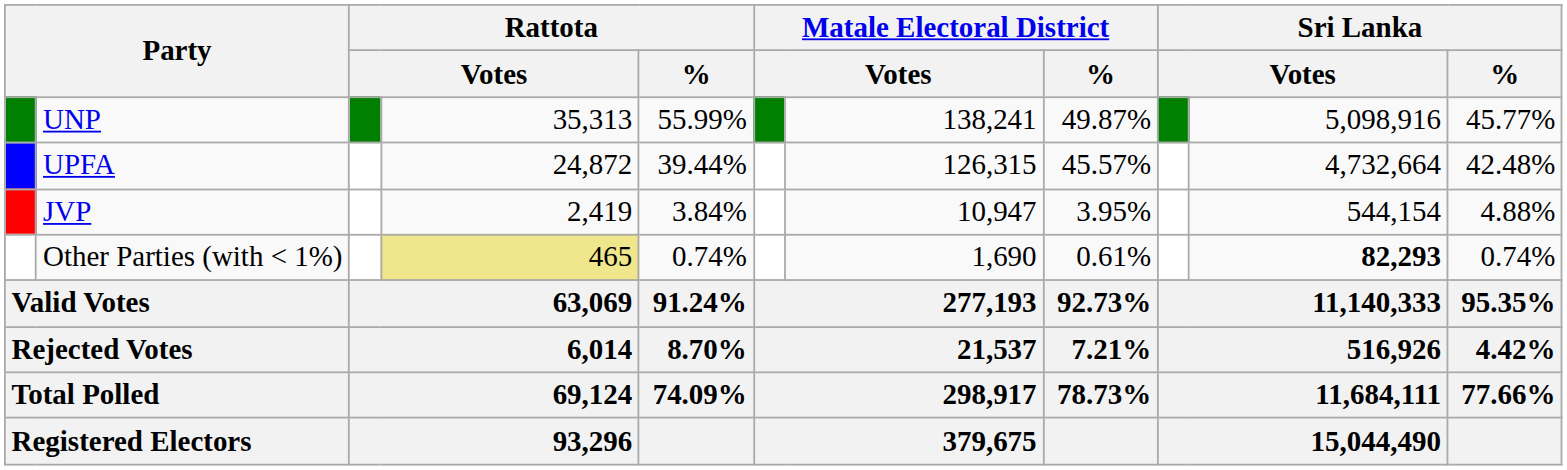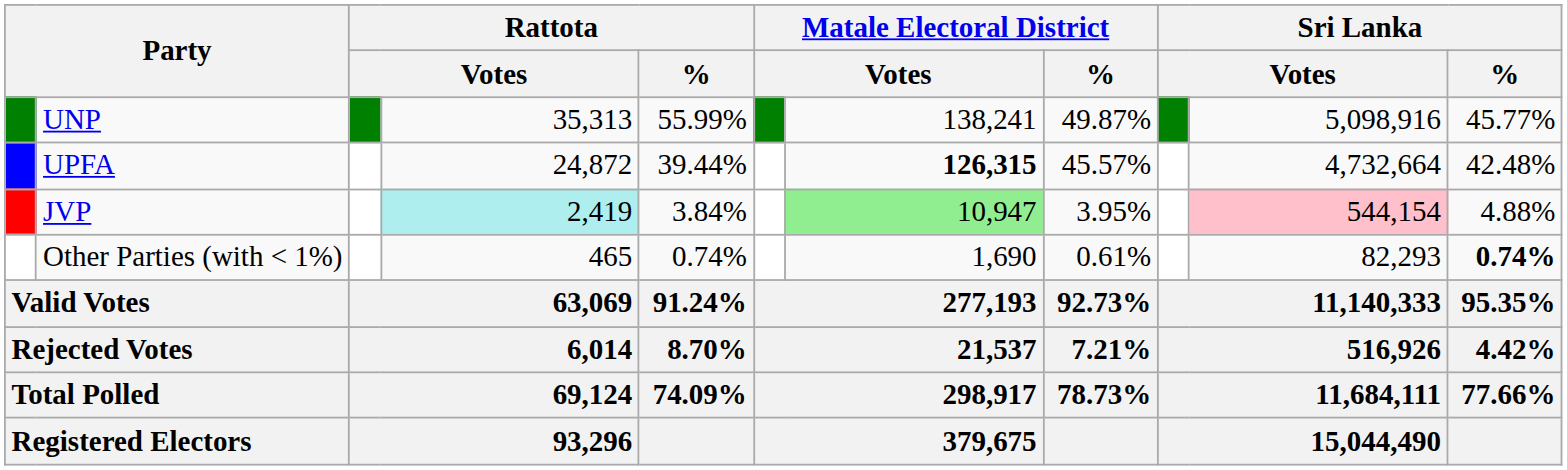 <table class="wikitable">
 <tr>
 <th colspan="2" width="144px"rowspan="2">Party</th>
 <th colspan="3" width="216px">Rattota</th>
 <th colspan="3" width="216px"><a href='#'>Matale Electoral District</a></th>
 <th colspan="3" width="216px">Sri Lanka</th>
 </tr>
 <tr>
 <th colspan="2" width="144px">Votes</th>
 <th>%</th>
 <th colspan="2" width="144px">Votes</th>
 <th>%</th>
 <th colspan="2" width="144px">Votes</th>
 <th>%</th>
 </tr>
 <tr>
 <td style="background-color:green;" width="10px"></td>
 <td style="text-align:left;"><a href='#'>UNP</a></td>
 <td style="background-color:green;" width="10px"></td>
 <td style="text-align:right;">35,313</td>
 <td style="text-align:right;">55.99%</td>
 <td style="background-color:green;" width="10px"></td>
 <td style="text-align:right;">138,241</td>
 <td style="text-align:right;">49.87%</td>
 <td style="background-color:green;" width="10px"></td>
 <td style="text-align:right;">5,098,916</td>
 <td style="text-align:right;">45.77%</td>
 </tr>
 <tr>
 <td style="background-color:blue;" width="10px"></td>
 <td style="text-align:left;"><a href='#'>UPFA</a></td>
 <td style="background-color:white;" width="10px"></td>
 <td style="text-align:right;">24,872</td>
 <td style="text-align:right;">39.44%</td>
 <td style="background-color:white;" width="10px"></td>
-<td style="text-align:right;">126,315</td>
+<td style="text-align:right;"><strong>126,315</strong></td>
 <td style="text-align:right;">45.57%</td>
 <td style="background-color:white;" width="10px"></td>
 <td style="text-align:right;">4,732,664</td>
 <td style="text-align:right;">42.48%</td>
 </tr>
 <tr>
 <td style="background-color:red;" width="10px"></td>
 <td style="text-align:left;"><a href='#'>JVP</a></td>
 <td style="background-color:white;" width="10px"></td>
-<td style="text-align:right;">2,419</td>
+<td style="background: paleturquoise; text-align:right;">2,419</td>
 <td style="text-align:right;">3.84%</td>
 <td style="background-color:white;" width="10px"></td>
-<td style="text-align:right;">10,947</td>
+<td style="background: lightgreen; text-align:right;">10,947</td>
 <td style="text-align:right;">3.95%</td>
 <td style="background-color:white;" width="10px"></td>
-<td style="text-align:right;">544,154</td>
+<td style="background: pink; text-align:right;">544,154</td>
 <td style="text-align:right;">4.88%</td>
 </tr>
 <tr>
 <td style="background-color:white;" width="10px"></td>
 <td style="text-align:left;">Other Parties (with < 1%)</td>
 <td style="background-color:white;" width="10px"></td>
-<td style="background: khaki; text-align:right;">465</td>
+<td style="text-align:right;">465</td>
 <td style="text-align:right;">0.74%</td>
 <td style="background-color:white;" width="10px"></td>
 <td style="text-align:right;">1,690</td>
 <td style="text-align:right;">0.61%</td>
 <td style="background-color:white;" width="10px"></td>
-<td style="text-align:right;"><strong>82,293</strong></td>
-<td style="text-align:right;">0.74%</td>
+<td style="text-align:right;">82,293</td>
+<td style="text-align:right;"><strong>0.74%</strong></td>
 </tr>
 <tr>
 <th colspan="2" width="144px"style="text-align:left;">Valid Votes</th>
 <th style="text-align:right;"colspan="2" width="144px">63,069</th>
 <th style="text-align:right;">91.24%</th>
 <th style="text-align:right;"colspan="2" width="144px">277,193</th>
 <th style="text-align:right;">92.73%</th>
 <th style="text-align:right;"colspan="2" width="144px">11,140,333</th>
 <th style="text-align:right;">95.35%</th>
 </tr>
 <tr>
 <th colspan="2" width="144px"style="text-align:left;">Rejected Votes</th>
 <th style="text-align:right;"colspan="2" width="144px">6,014</th>
 <th style="text-align:right;">8.70%</th>
 <th style="text-align:right;"colspan="2" width="144px">21,537</th>
 <th style="text-align:right;">7.21%</th>
 <th style="text-align:right;"colspan="2" width="144px">516,926</th>
 <th style="text-align:right;">4.42%</th>
 </tr>
 <tr>
 <th colspan="2" width="144px"style="text-align:left;">Total Polled</th>
 <th style="text-align:right;"colspan="2" width="144px">69,124</th>
 <th style="text-align:right;">74.09%</th>
 <th style="text-align:right;"colspan="2" width="144px">298,917</th>
 <th style="text-align:right;">78.73%</th>
 <th style="text-align:right;"colspan="2" width="144px">11,684,111</th>
 <th style="text-align:right;">77.66%</th>
 </tr>
 <tr>
 <th colspan="2" width="144px"style="text-align:left;">Registered Electors</th>
 <th style="text-align:right;"colspan="2" width="144px">93,296</th>
 <th></th>
 <th style="text-align:right;"colspan="2" width="144px">379,675</th>
 <th></th>
 <th style="text-align:right;"colspan="2" width="144px">15,044,490</th>
 <th></th>
 </tr>
 </table>
